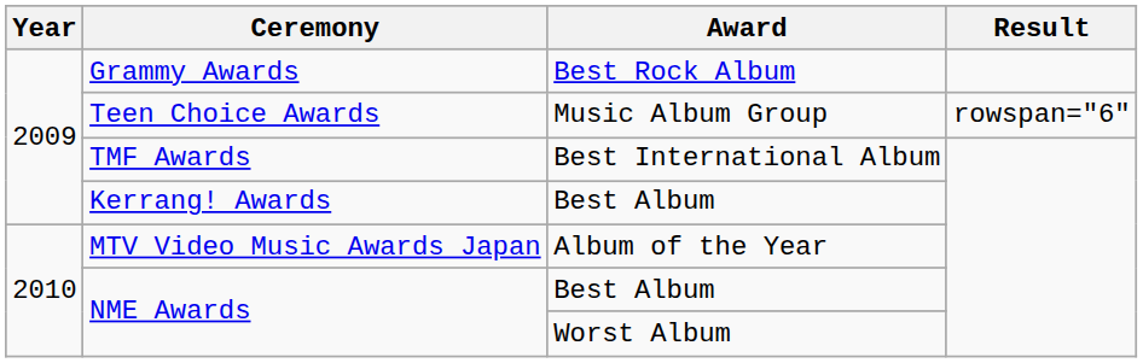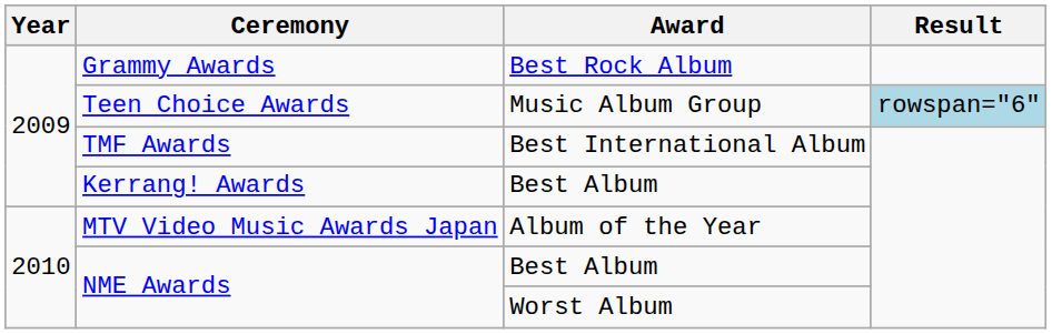 <table class="wikitable">
 <tr>
 <th>Year</th>
 <th>Ceremony</th>
 <th>Award</th>
 <th>Result</th>
 </tr>
 <tr>
 <td rowspan="4">2009</td>
 <td><a href='#'>Grammy Awards</a></td>
 <td><a href='#'>Best Rock Album</a></td>
 <td></td>
 </tr>
 <tr>
 <td><a href='#'>Teen Choice Awards</a></td>
 <td>Music Album Group</td>
-<td>rowspan="6" </td>
+<td style="background: lightblue;">rowspan="6" </td>
 </tr>
 <tr>
 <td><a href='#'>TMF Awards</a></td>
 <td>Best International Album</td>
 </tr>
 <tr>
 <td><a href='#'>Kerrang! Awards</a></td>
 <td>Best Album</td>
 </tr>
 <tr>
 <td rowspan="3">2010</td>
 <td><a href='#'>MTV Video Music Awards Japan</a></td>
 <td>Album of the Year</td>
 </tr>
 <tr>
 <td rowspan="2"><a href='#'>NME Awards</a></td>
 <td>Best Album</td>
 </tr>
 <tr>
 <td>Worst Album</td>
 </tr>
 </table>
